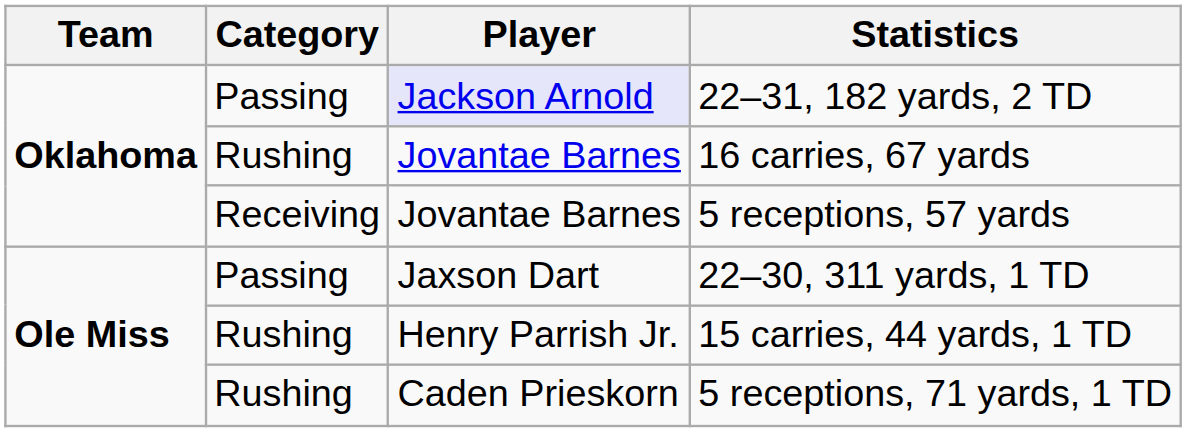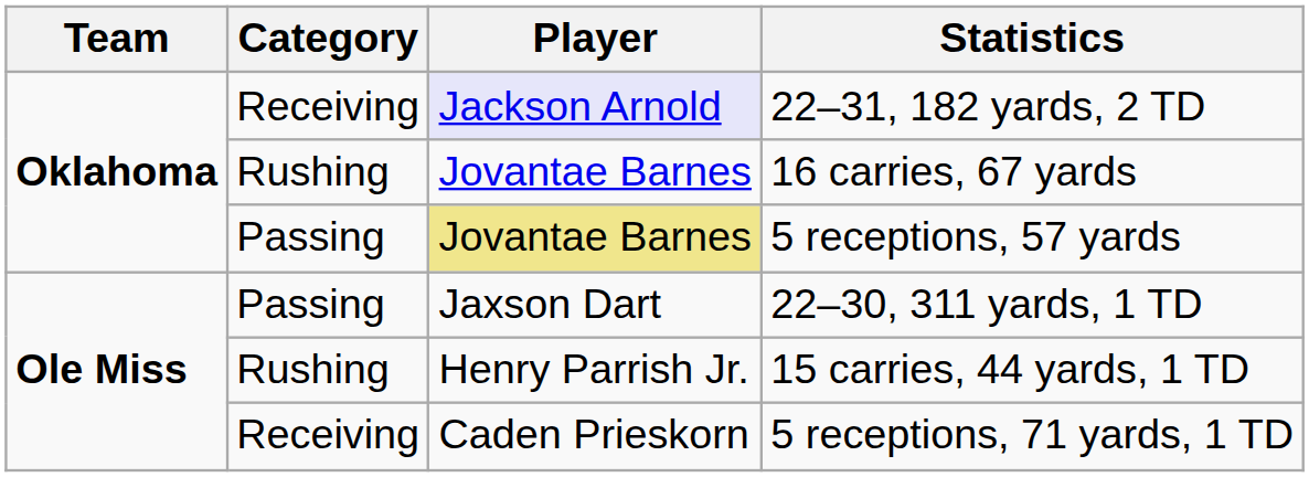 <table class="wikitable" style="float: right;">
 <tr>
 <th>Team</th>
 <th>Category</th>
 <th>Player</th>
 <th>Statistics</th>
 </tr>
 <tr>
 <td rowspan=3><strong>Oklahoma</strong></td>
-<td>Passing</td>
+<td>Receiving</td>
 <td style="background: lavender;"><a href='#'>Jackson Arnold</a></td>
 <td>22–31, 182 yards, 2 TD</td>
 </tr>
 <tr>
 <td>Rushing</td>
 <td><a href='#'>Jovantae Barnes</a></td>
 <td>16 carries, 67 yards</td>
 </tr>
 <tr>
-<td>Receiving</td>
-<td>Jovantae Barnes</td>
+<td>Passing</td>
+<td style="background: khaki;">Jovantae Barnes</td>
 <td>5 receptions, 57 yards</td>
 </tr>
 <tr>
 <td rowspan=3><strong>Ole Miss</strong></td>
 <td>Passing</td>
 <td>Jaxson Dart</td>
 <td>22–30, 311 yards, 1 TD</td>
 </tr>
 <tr>
 <td>Rushing</td>
 <td>Henry Parrish Jr.</td>
 <td>15 carries, 44 yards, 1 TD</td>
 </tr>
 <tr>
-<td>Rushing</td>
+<td>Receiving</td>
 <td>Caden Prieskorn</td>
 <td>5 receptions, 71 yards, 1 TD</td>
 </tr>
 </table>
